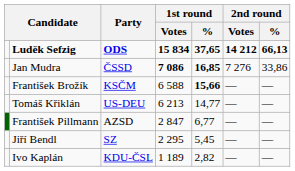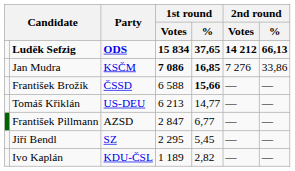 <table class="wikitable sortable">
 <tr>
 <th colspan="2" rowspan="2">Candidate</th>
 <th rowspan="2">Party</th>
 <th colspan="2">1st round</th>
 <th colspan="2">2nd round</th>
 </tr>
 <tr>
 <th>Votes</th>
 <th>%</th>
 <th>Votes</th>
 <th>%</th>
 </tr>
 <tr>
 <td style="background-color:"></td>
 <td><strong>Luděk Sefzig</strong></td>
 <td><a href='#'><strong>ODS</strong></a></td>
 <td><strong>15 834</strong></td>
 <td><strong>37,65</strong></td>
 <td><strong>14 212</strong></td>
 <td><strong>66,13</strong></td>
 </tr>
 <tr>
 <td style="background-color:"></td>
 <td>Jan Mudra</td>
-<td><a href='#'>ČSSD</a></td>
+<td><a href='#'>KSČM</a></td>
 <td><strong>7 086</strong></td>
 <td><strong>16,85</strong></td>
 <td>7 276</td>
 <td>33,86</td>
 </tr>
 <tr>
 <td style="background-color:"></td>
 <td>František Brožík</td>
-<td><a href='#'>KSČM</a></td>
+<td><a href='#'>ČSSD</a></td>
 <td>6 588</td>
 <td><strong>15,66</strong></td>
 <td>—</td>
 <td>—</td>
 </tr>
 <tr>
 <td style="background-color:"></td>
 <td>Tomáš Křiklán</td>
 <td><a href='#'>US-DEU</a></td>
 <td>6 213</td>
 <td>14,77</td>
 <td>—</td>
 <td>—</td>
 </tr>
 <tr>
 <td style="background-color:darkgreen;"></td>
 <td>František Pillmann</td>
 <td>AZSD</td>
 <td>2 847</td>
 <td>6,77</td>
 <td>—</td>
 <td>—</td>
 </tr>
 <tr>
 <td style="background-color:"></td>
 <td>Jiří Bendl</td>
 <td><a href='#'>SZ</a></td>
 <td>2 295</td>
 <td>5,45</td>
 <td>—</td>
 <td>—</td>
 </tr>
 <tr>
 <td style="background-color:"></td>
 <td>Ivo Kaplán</td>
 <td><a href='#'>KDU-ČSL</a></td>
 <td>1 189</td>
 <td>2,82</td>
 <td>—</td>
 <td>—</td>
 </tr>
 </table>
